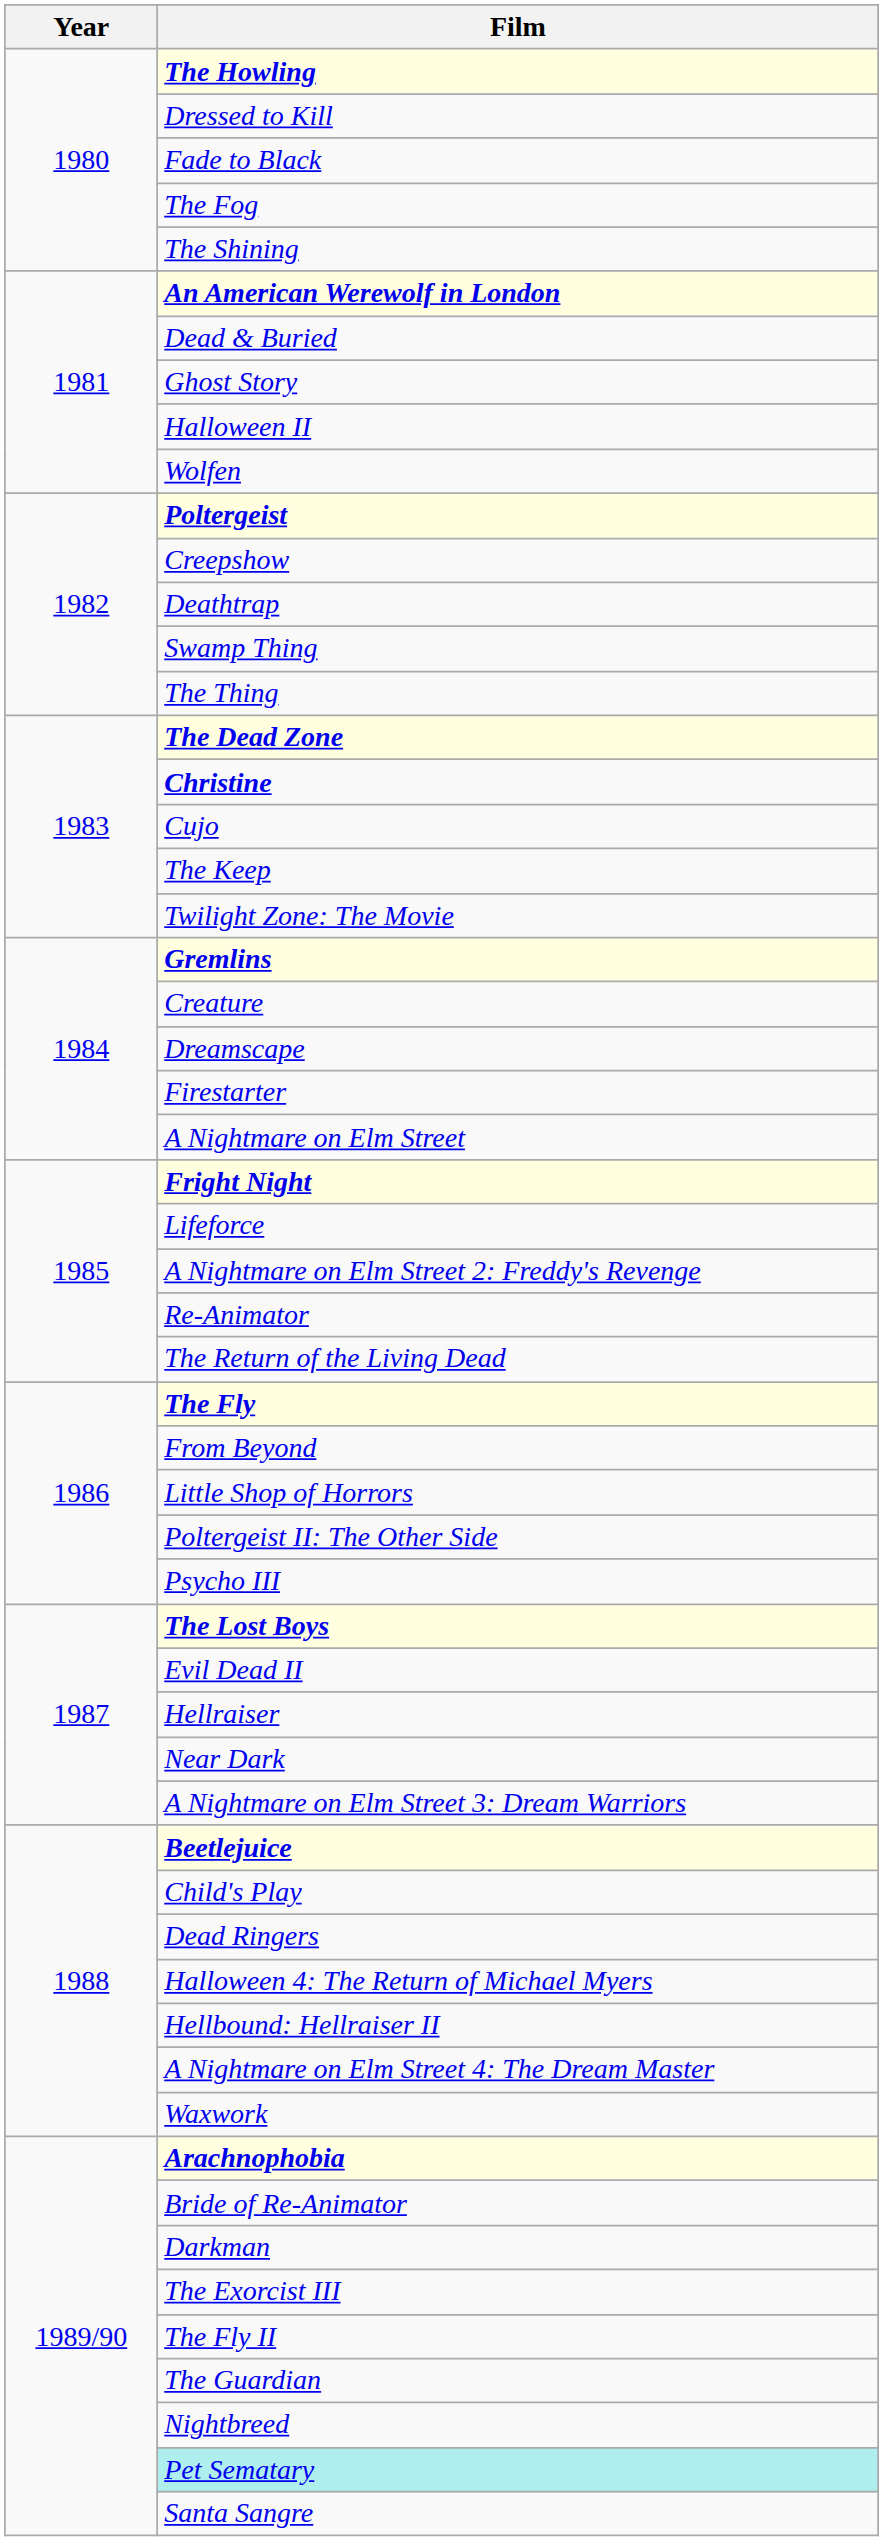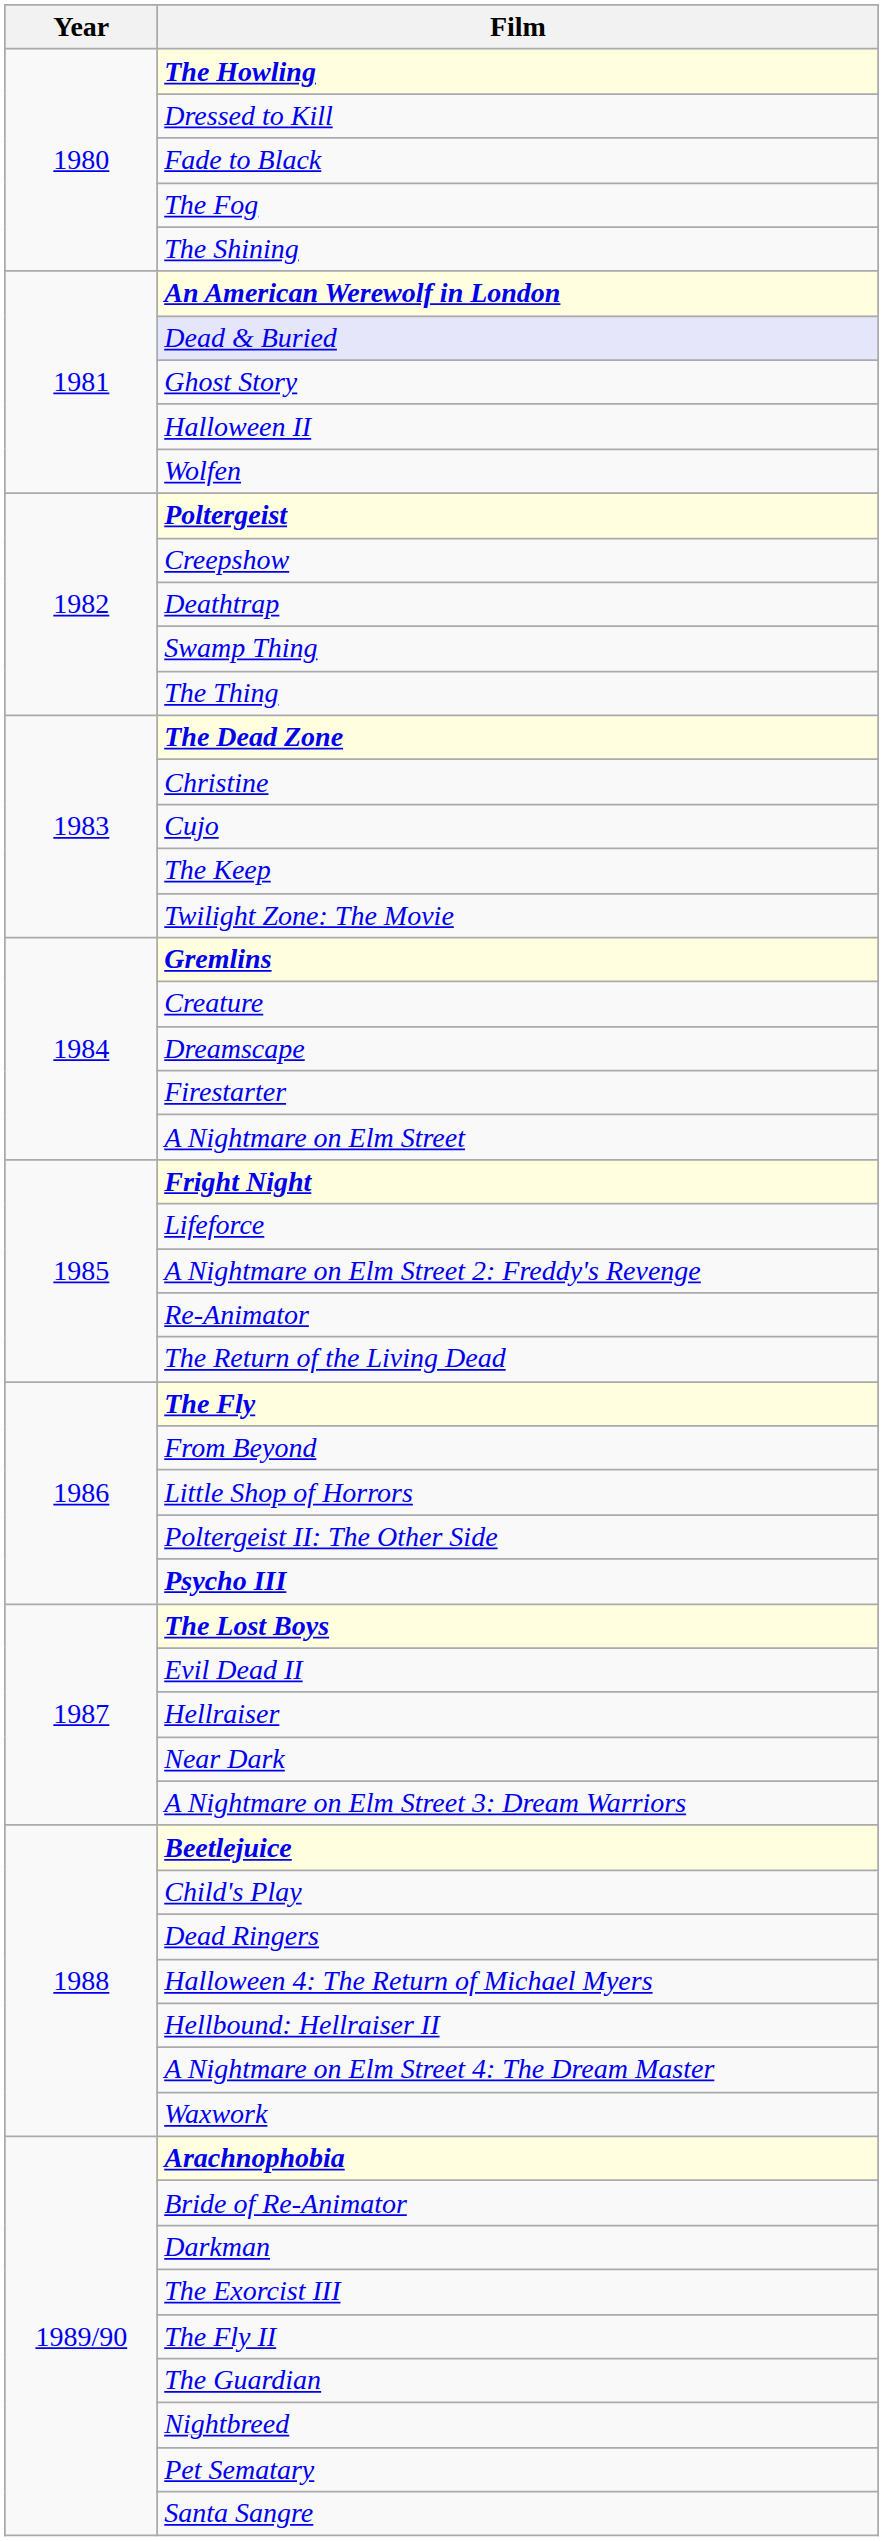 <table width="500" align="centre" class="wikitable">
 <tr>
 <th width="80">Year</th>
 <th>Film</th>
 </tr>
 <tr>
 <td rowspan="5" style="text-align:center;"><a href='#'>1980</a></td>
 <td style="background:lightyellow"><strong><em><a href='#'>The Howling</a></em></strong></td>
 </tr>
 <tr>
 <td><em><a href='#'>Dressed to Kill</a></em></td>
 </tr>
 <tr>
 <td><em><a href='#'>Fade to Black</a></em></td>
 </tr>
 <tr>
 <td><em><a href='#'>The Fog</a></em></td>
 </tr>
 <tr>
 <td><em><a href='#'>The Shining</a></em></td>
 </tr>
 <tr>
 <td rowspan="5" style="text-align:center;"><a href='#'>1981</a></td>
 <td style="background:lightyellow"><strong><em><a href='#'>An American Werewolf in London</a></em></strong></td>
 </tr>
 <tr>
-<td><em><a href='#'>Dead & Buried</a></em></td>
+<td style="background: lavender;"><em><a href='#'>Dead & Buried</a></em></td>
 </tr>
 <tr>
 <td><em><a href='#'>Ghost Story</a></em></td>
 </tr>
 <tr>
 <td><em><a href='#'>Halloween II</a></em></td>
 </tr>
 <tr>
 <td><em><a href='#'>Wolfen</a></em></td>
 </tr>
 <tr>
 <td rowspan="5" style="text-align:center;"><a href='#'>1982</a></td>
 <td style="background:lightyellow"><strong><em><a href='#'>Poltergeist</a></em></strong></td>
 </tr>
 <tr>
 <td><em><a href='#'>Creepshow</a></em></td>
 </tr>
 <tr>
 <td><em><a href='#'>Deathtrap</a></em></td>
 </tr>
 <tr>
 <td><em><a href='#'>Swamp Thing</a></em></td>
 </tr>
 <tr>
 <td><em><a href='#'>The Thing</a></em></td>
 </tr>
 <tr>
 <td rowspan="5" style="text-align:center;"><a href='#'>1983</a></td>
 <td style="background:lightyellow"><strong><em><a href='#'>The Dead Zone</a></em></strong></td>
 </tr>
 <tr>
-<td><strong><em><a href='#'>Christine</a></em></strong></td>
+<td><em><a href='#'>Christine</a></em></td>
 </tr>
 <tr>
 <td><em><a href='#'>Cujo</a></em></td>
 </tr>
 <tr>
 <td><em><a href='#'>The Keep</a></em></td>
 </tr>
 <tr>
 <td><em><a href='#'>Twilight Zone: The Movie</a></em></td>
 </tr>
 <tr>
 <td rowspan="5" style="text-align:center;"><a href='#'>1984</a></td>
 <td style="background:lightyellow"><strong><em><a href='#'>Gremlins</a></em></strong></td>
 </tr>
 <tr>
 <td><em><a href='#'>Creature</a></em></td>
 </tr>
 <tr>
 <td><em><a href='#'>Dreamscape</a></em></td>
 </tr>
 <tr>
 <td><em><a href='#'>Firestarter</a></em></td>
 </tr>
 <tr>
 <td><em><a href='#'>A Nightmare on Elm Street</a></em></td>
 </tr>
 <tr>
 <td rowspan="5" style="text-align:center;"><a href='#'>1985</a></td>
 <td style="background:lightyellow"><strong><em><a href='#'>Fright Night</a></em></strong></td>
 </tr>
 <tr>
 <td><em><a href='#'>Lifeforce</a></em></td>
 </tr>
 <tr>
 <td><em><a href='#'>A Nightmare on Elm Street 2: Freddy's Revenge</a></em></td>
 </tr>
 <tr>
 <td><em><a href='#'>Re-Animator</a></em></td>
 </tr>
 <tr>
 <td><em><a href='#'>The Return of the Living Dead</a></em></td>
 </tr>
 <tr>
 <td rowspan="5" style="text-align:center;"><a href='#'>1986</a></td>
 <td style="background:lightyellow"><strong><em><a href='#'>The Fly</a></em></strong></td>
 </tr>
 <tr>
 <td><em><a href='#'>From Beyond</a></em></td>
 </tr>
 <tr>
 <td><em><a href='#'>Little Shop of Horrors</a></em></td>
 </tr>
 <tr>
 <td><em><a href='#'>Poltergeist II: The Other Side</a></em></td>
 </tr>
 <tr>
-<td><em><a href='#'>Psycho III</a></em></td>
+<td><strong><em><a href='#'>Psycho III</a></em></strong></td>
 </tr>
 <tr>
 <td rowspan="5" style="text-align:center;"><a href='#'>1987</a></td>
 <td style="background:lightyellow"><strong><em><a href='#'>The Lost Boys</a></em></strong></td>
 </tr>
 <tr>
 <td><em><a href='#'>Evil Dead II</a></em></td>
 </tr>
 <tr>
 <td><em><a href='#'>Hellraiser</a></em></td>
 </tr>
 <tr>
 <td><em><a href='#'>Near Dark</a></em></td>
 </tr>
 <tr>
 <td><em><a href='#'>A Nightmare on Elm Street 3: Dream Warriors</a></em></td>
 </tr>
 <tr>
 <td rowspan="7" style="text-align:center;"><a href='#'>1988</a></td>
 <td style="background:lightyellow"><strong><em><a href='#'>Beetlejuice</a></em></strong></td>
 </tr>
 <tr>
 <td><em><a href='#'>Child's Play</a></em></td>
 </tr>
 <tr>
 <td><em><a href='#'>Dead Ringers</a></em></td>
 </tr>
 <tr>
 <td><em><a href='#'>Halloween 4: The Return of Michael Myers</a></em></td>
 </tr>
 <tr>
 <td><em><a href='#'>Hellbound: Hellraiser II</a></em></td>
 </tr>
 <tr>
 <td><em><a href='#'>A Nightmare on Elm Street 4: The Dream Master</a></em></td>
 </tr>
 <tr>
 <td><em><a href='#'>Waxwork</a></em></td>
 </tr>
 <tr>
 <td rowspan="9" style="text-align:center;"><a href='#'>1989/90</a></td>
 <td style="background:lightyellow"><strong><em><a href='#'>Arachnophobia</a></em></strong></td>
 </tr>
 <tr>
 <td><em><a href='#'>Bride of Re-Animator</a></em></td>
 </tr>
 <tr>
 <td><em><a href='#'>Darkman</a></em></td>
 </tr>
 <tr>
 <td><em><a href='#'>The Exorcist III</a></em></td>
 </tr>
 <tr>
 <td><em><a href='#'>The Fly II</a></em></td>
 </tr>
 <tr>
 <td><em><a href='#'>The Guardian</a></em></td>
 </tr>
 <tr>
 <td><em><a href='#'>Nightbreed</a></em></td>
 </tr>
 <tr>
-<td style="background: paleturquoise;"><em><a href='#'>Pet Sematary</a></em></td>
+<td><em><a href='#'>Pet Sematary</a></em></td>
 </tr>
 <tr>
 <td><em><a href='#'>Santa Sangre</a></em></td>
 </tr>
 </table>
